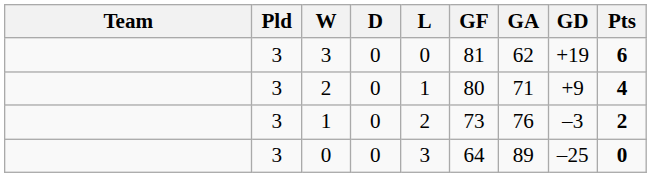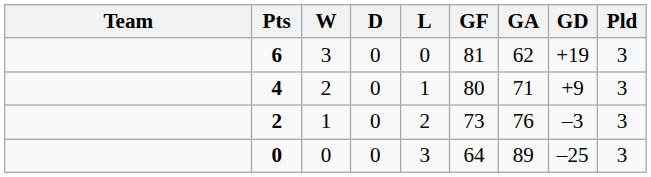 <table class="wikitable" style="text-align: center;">
 <tr>
 <th width="180">Team</th>
-<th width="30">Pld</th>
+<th width="30">Pts</th>
 <th width="30">W</th>
 <th width="30">D</th>
 <th width="30">L</th>
 <th width="30">GF</th>
 <th width="30">GA</th>
 <th width="30">GD</th>
-<th width="30">Pts</th>
+<th width="30">Pld</th>
 </tr>
 <tr>
 <td align="left"></td>
-<td>3</td>
+<td><strong>6</strong></td>
 <td>3</td>
 <td>0</td>
 <td>0</td>
 <td>81</td>
 <td>62</td>
 <td>+19</td>
-<td><strong>6</strong></td>
+<td>3</td>
 </tr>
 <tr>
 <td align="left"></td>
-<td>3</td>
+<td><strong>4</strong></td>
 <td>2</td>
 <td>0</td>
 <td>1</td>
 <td>80</td>
 <td>71</td>
 <td>+9</td>
-<td><strong>4</strong></td>
+<td>3</td>
 </tr>
 <tr>
 <td align="left"></td>
-<td>3</td>
+<td><strong>2</strong></td>
 <td>1</td>
 <td>0</td>
 <td>2</td>
 <td>73</td>
 <td>76</td>
 <td>–3</td>
-<td><strong>2</strong></td>
+<td>3</td>
 </tr>
 <tr>
 <td align="left"></td>
-<td>3</td>
+<td><strong>0</strong></td>
 <td>0</td>
 <td>0</td>
 <td>3</td>
 <td>64</td>
 <td>89</td>
 <td>–25</td>
-<td><strong>0</strong></td>
+<td>3</td>
 </tr>
 </table>
